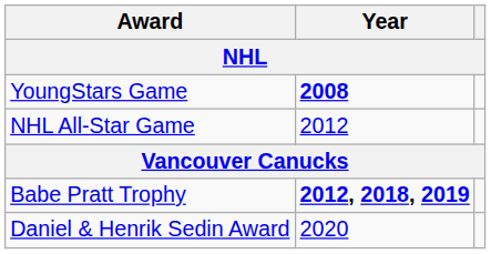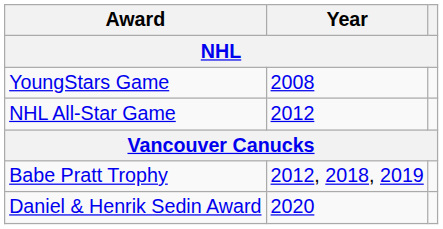 <table class="wikitable">
 <tr>
 <th>Award</th>
 <th>Year</th>
 <th></th>
 </tr>
 <tr>
 <th colspan="3"><a href='#'>NHL</a></th>
 </tr>
 <tr>
 <td><a href='#'>YoungStars Game</a></td>
-<td><strong><a href='#'>2008</a></strong></td>
+<td><a href='#'>2008</a></td>
 <td></td>
 </tr>
 <tr>
 <td><a href='#'>NHL All-Star Game</a></td>
 <td><a href='#'>2012</a></td>
 <td></td>
 </tr>
 <tr>
 <th colspan="3"><a href='#'>Vancouver Canucks</a></th>
 </tr>
 <tr>
 <td><a href='#'>Babe Pratt Trophy</a></td>
-<td><strong><a href='#'>2012</a>, <a href='#'>2018</a>, <a href='#'>2019</a></strong></td>
+<td><a href='#'>2012</a>, <a href='#'>2018</a>, <a href='#'>2019</a></td>
 <td></td>
 </tr>
 <tr>
 <td><a href='#'>Daniel & Henrik Sedin Award</a></td>
 <td><a href='#'>2020</a></td>
 </tr>
 </table>
